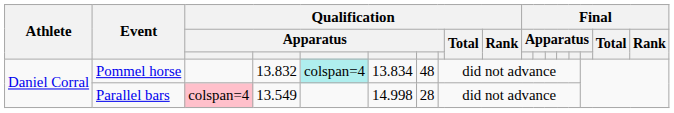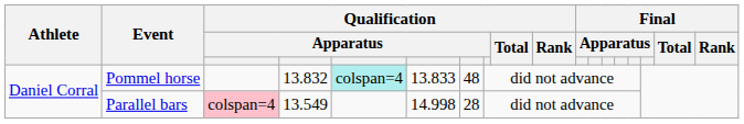 <table class="wikitable" style="font-size:90%">
 <tr>
 <th rowspan=3>Athlete</th>
 <th rowspan=3>Event</th>
 <th colspan =8>Qualification</th>
 <th colspan =8>Final</th>
 </tr>
 <tr style="font-size:95%">
 <th colspan=6>Apparatus</th>
 <th rowspan=2>Total</th>
 <th rowspan=2>Rank</th>
 <th colspan=6>Apparatus</th>
 <th rowspan=2>Total</th>
 <th rowspan=2>Rank</th>
 </tr>
 <tr style="font-size:95%">
 <th></th>
 <th></th>
 <th></th>
 <th></th>
 <th></th>
 <th></th>
 <th></th>
 <th></th>
 <th></th>
 <th></th>
 <th></th>
 <th></th>
 </tr>
 <tr align=center>
 <td align=left rowspan=2><a href='#'>Daniel Corral</a></td>
 <td align=left><a href='#'>Pommel horse</a></td>
 <td></td>
 <td>13.832</td>
 <td style="background: paleturquoise;">colspan=4 </td>
-<td>13.834</td>
+<td>13.833</td>
 <td>48</td>
 <td colspan=8>did not advance</td>
 </tr>
 <tr align=center>
 <td align=left><a href='#'>Parallel bars</a></td>
 <td style="background: pink;">colspan=4 </td>
 <td>13.549</td>
 <td></td>
 <td>14.998</td>
 <td>28</td>
 <td colspan=8>did not advance</td>
 </tr>
 </table>
